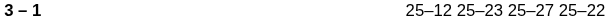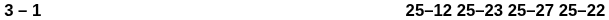 <table width=100% cellspacing=1>
 <tr>
 <th width=20%></th>
 <th width=12%></th>
 <th width=20%></th>
 <th width=33%></th>
 <td></td>
 </tr>
 <tr style=font-size:90%>
 <td align=right><strong></strong></td>
 <td align=center><strong>3 – 1</strong></td>
 <td></td>
-<td>25–12 25–23 25–27 25–22</td>
+<td><strong>25–12 25–23 25–27 25–22</strong></td>
 </tr>
 </table>
